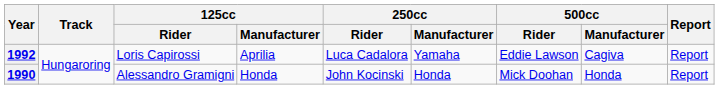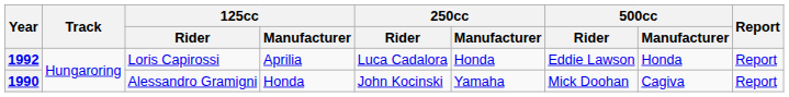 <table class="wikitable" style="font-size: 95%;">
 <tr>
 <th rowspan=2>Year</th>
 <th rowspan=2>Track</th>
 <th colspan=2>125cc</th>
 <th colspan=2>250cc</th>
 <th colspan=2>500cc</th>
 <th rowspan=2>Report</th>
 </tr>
 <tr>
 <th>Rider</th>
 <th>Manufacturer</th>
 <th>Rider</th>
 <th>Manufacturer</th>
 <th>Rider</th>
 <th>Manufacturer</th>
 </tr>
 <tr>
 <th><a href='#'>1992</a></th>
 <td rowspan=2><a href='#'>Hungaroring</a></td>
 <td> <a href='#'>Loris Capirossi</a></td>
 <td><a href='#'>Aprilia</a></td>
 <td> <a href='#'>Luca Cadalora</a></td>
-<td><a href='#'>Yamaha</a></td>
+<td><a href='#'>Honda</a></td>
 <td> <a href='#'>Eddie Lawson</a></td>
-<td><a href='#'>Cagiva</a></td>
+<td><a href='#'>Honda</a></td>
 <td><a href='#'>Report</a></td>
 </tr>
 <tr>
 <th><a href='#'>1990</a></th>
 <td> <a href='#'>Alessandro Gramigni</a></td>
 <td><a href='#'>Honda</a></td>
 <td> <a href='#'>John Kocinski</a></td>
-<td><a href='#'>Honda</a></td>
+<td><a href='#'>Yamaha</a></td>
 <td> <a href='#'>Mick Doohan</a></td>
-<td><a href='#'>Honda</a></td>
+<td><a href='#'>Cagiva</a></td>
 <td><a href='#'>Report</a></td>
 </tr>
 </table>
